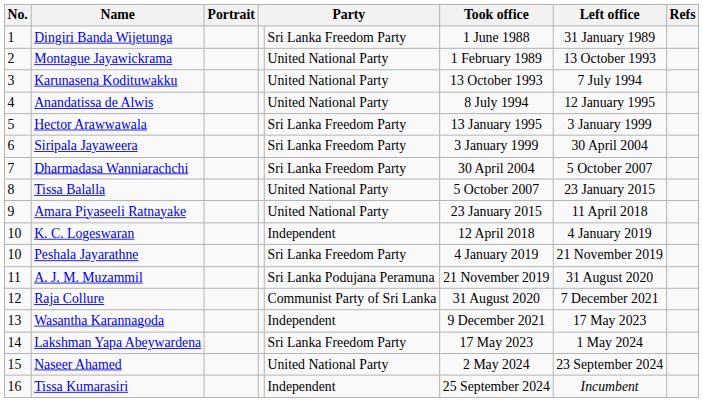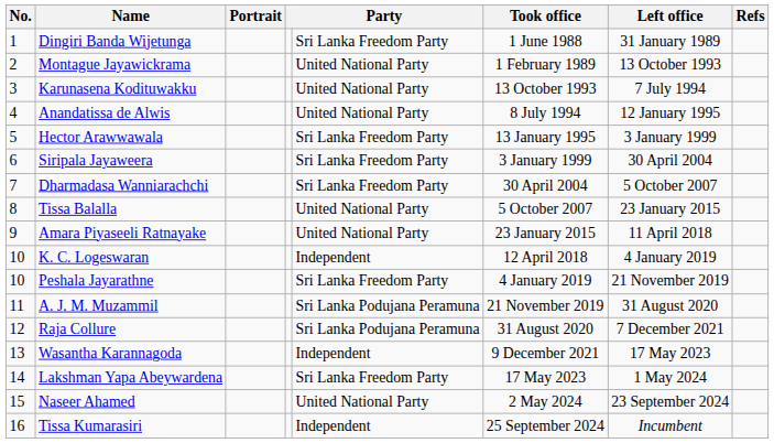 <table class="wikitable plainrowheaders sortable" style="margin:1em auto; font-size:100%; text-align:left;">
 <tr>
 <th>No.</th>
 <th>Name</th>
 <th class=unsortable>Portrait</th>
 <th colspan="2">Party</th>
 <th>Took office</th>
 <th>Left office</th>
 <th class=unsortable>Refs</th>
 </tr>
 <tr>
 <td>1</td>
 <td><a href='#'>Dingiri Banda Wijetunga</a></td>
 <td></td>
 <td style="background:"></td>
 <td>Sri Lanka Freedom Party</td>
 <td align="center">1 June 1988</td>
 <td align="center">31 January 1989</td>
 <td align="center"></td>
 </tr>
 <tr>
 <td>2</td>
 <td><a href='#'>Montague Jayawickrama</a></td>
 <td></td>
 <td style="background:"></td>
 <td>United National Party</td>
 <td align="center">1 February 1989</td>
 <td align="center">13 October 1993</td>
 <td align="center"></td>
 </tr>
 <tr>
 <td>3</td>
 <td><a href='#'>Karunasena Kodituwakku</a></td>
 <td></td>
 <td style="background:"></td>
 <td>United National Party</td>
 <td align="center">13 October 1993</td>
 <td align="center">7 July 1994</td>
 <td align="center"></td>
 </tr>
 <tr>
 <td>4</td>
 <td><a href='#'>Anandatissa de Alwis</a></td>
 <td></td>
 <td style="background:"></td>
 <td>United National Party</td>
 <td align="center">8 July 1994</td>
 <td align="center">12 January 1995</td>
 <td align="center"></td>
 </tr>
 <tr>
 <td>5</td>
 <td><a href='#'>Hector Arawwawala</a></td>
 <td></td>
 <td style="background:"></td>
 <td>Sri Lanka Freedom Party</td>
 <td align="center">13 January 1995</td>
 <td align="center">3 January 1999</td>
 <td align="center"></td>
 </tr>
 <tr>
 <td>6</td>
 <td><a href='#'>Siripala Jayaweera</a></td>
 <td></td>
 <td style="background:"></td>
 <td>Sri Lanka Freedom Party</td>
 <td align="center">3 January 1999</td>
 <td align="center">30 April 2004</td>
 <td align="center"></td>
 </tr>
 <tr>
 <td>7</td>
 <td><a href='#'>Dharmadasa Wanniarachchi</a></td>
 <td></td>
 <td style="background:"></td>
 <td>Sri Lanka Freedom Party</td>
 <td align="center">30 April 2004</td>
 <td align="center">5 October 2007</td>
 <td align="center"></td>
 </tr>
 <tr>
 <td>8</td>
 <td><a href='#'>Tissa Balalla</a></td>
 <td></td>
 <td style="background:"></td>
 <td>United National Party</td>
 <td align="center">5 October 2007</td>
 <td align="center">23 January 2015</td>
 <td align="center"></td>
 </tr>
 <tr>
 <td>9</td>
 <td><a href='#'>Amara Piyaseeli Ratnayake</a></td>
 <td></td>
 <td style="background:"></td>
 <td>United National Party</td>
 <td align="center">23 January 2015</td>
 <td align="center">11 April 2018</td>
 <td align="center"></td>
 </tr>
 <tr>
 <td>10</td>
 <td><a href='#'>K. C. Logeswaran</a></td>
 <td></td>
 <td style="background:"></td>
 <td>Independent</td>
 <td align="center">12 April 2018</td>
 <td align="center">4 January 2019</td>
 <td align="center"></td>
 </tr>
 <tr>
 <td>10</td>
 <td><a href='#'>Peshala Jayarathne</a></td>
 <td></td>
 <td style="background:"></td>
 <td>Sri Lanka Freedom Party</td>
 <td align="center">4 January 2019</td>
 <td align="center">21 November 2019</td>
 <td align="center"></td>
 </tr>
 <tr>
 <td>11</td>
 <td><a href='#'>A. J. M. Muzammil</a></td>
 <td></td>
 <td style="background:"></td>
 <td>Sri Lanka Podujana Peramuna</td>
 <td align="center">21 November 2019</td>
 <td align="center">31 August 2020</td>
 <td align="center"></td>
 </tr>
 <tr>
 <td>12</td>
 <td><a href='#'>Raja Collure</a></td>
 <td></td>
 <td style="background:"></td>
-<td>Communist Party of Sri Lanka</td>
+<td>Sri Lanka Podujana Peramuna</td>
 <td align="center">31 August 2020</td>
 <td align="center">7 December 2021</td>
 <td align="center"></td>
 </tr>
 <tr>
 <td>13</td>
 <td><a href='#'>Wasantha Karannagoda</a></td>
 <td></td>
 <td style="background:"></td>
 <td>Independent</td>
 <td align="center">9 December 2021</td>
 <td align="center">17 May 2023</td>
 <td align="center"></td>
 </tr>
 <tr>
 <td>14</td>
 <td><a href='#'>Lakshman Yapa Abeywardena</a></td>
 <td></td>
 <td style="background:"></td>
 <td>Sri Lanka Freedom Party</td>
 <td align="center">17 May 2023</td>
 <td align="center">1 May 2024</td>
 <td align="center"></td>
 </tr>
 <tr>
 <td>15</td>
 <td><a href='#'>Naseer Ahamed</a></td>
 <td></td>
 <td style="background:"></td>
 <td>United National Party</td>
 <td align="center">2 May 2024</td>
 <td align="center">23 September 2024</td>
 <td align="center"></td>
 </tr>
 <tr>
 <td>16</td>
 <td><a href='#'>Tissa Kumarasiri</a></td>
 <td></td>
 <td style="background:"></td>
 <td>Independent</td>
 <td align="center">25 September 2024</td>
 <td align="center"><em>Incumbent</em></td>
 <td align="center"></td>
 </tr>
 </table>
